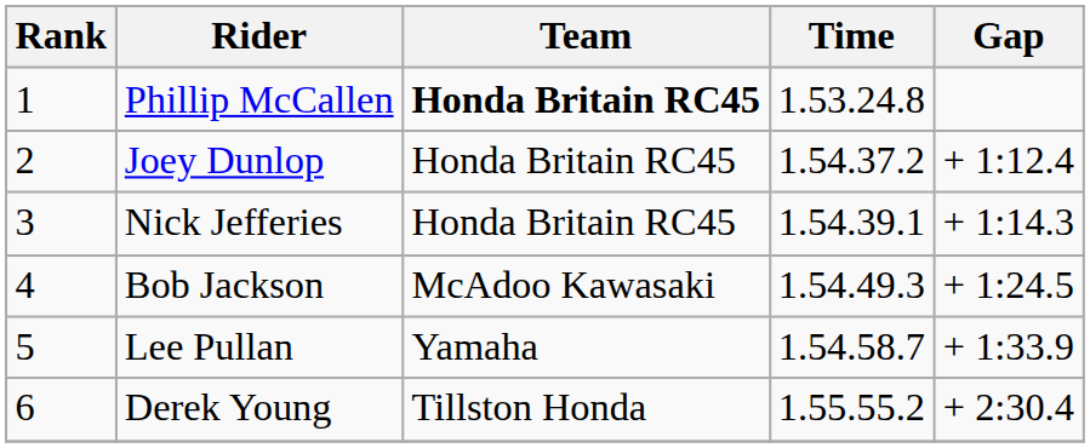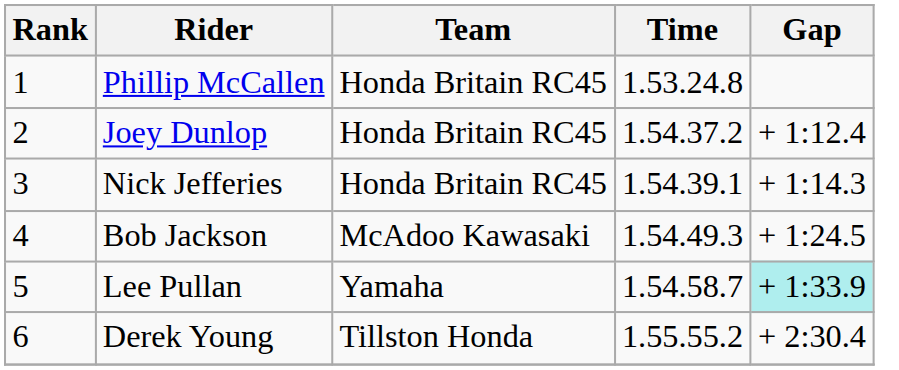 <table class="wikitable">
 <tr style="background:#efefef;">
 <th>Rank</th>
 <th>Rider</th>
 <th>Team</th>
 <th>Time</th>
 <th>Gap</th>
 </tr>
 <tr>
 <td>1</td>
 <td> <a href='#'>Phillip McCallen</a></td>
-<td><strong>Honda Britain RC45</strong></td>
+<td>Honda Britain RC45</td>
 <td>1.53.24.8</td>
 <td></td>
 </tr>
 <tr>
 <td>2</td>
 <td> <a href='#'>Joey Dunlop</a></td>
 <td>Honda Britain RC45</td>
 <td>1.54.37.2</td>
 <td>+ 1:12.4</td>
 </tr>
 <tr>
 <td>3</td>
 <td> Nick Jefferies</td>
 <td>Honda Britain RC45</td>
 <td>1.54.39.1</td>
 <td>+ 1:14.3</td>
 </tr>
 <tr>
 <td>4</td>
 <td> Bob Jackson</td>
 <td>McAdoo Kawasaki</td>
 <td>1.54.49.3</td>
 <td>+ 1:24.5</td>
 </tr>
 <tr>
 <td>5</td>
 <td> Lee Pullan</td>
 <td>Yamaha</td>
 <td>1.54.58.7</td>
-<td>+ 1:33.9</td>
+<td style="background: paleturquoise;">+ 1:33.9</td>
 </tr>
 <tr>
 <td>6</td>
 <td> Derek Young</td>
 <td>Tillston Honda</td>
 <td>1.55.55.2</td>
 <td>+ 2:30.4</td>
 </tr>
 <tr>
 </tr>
 </table>
